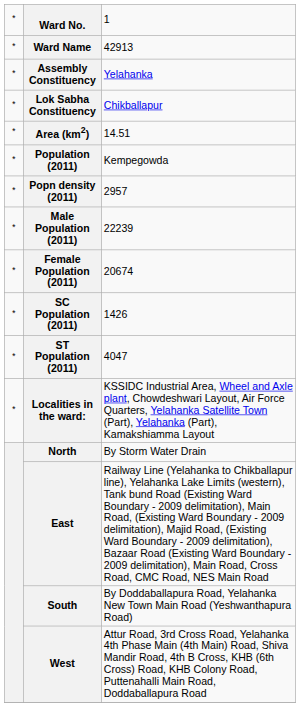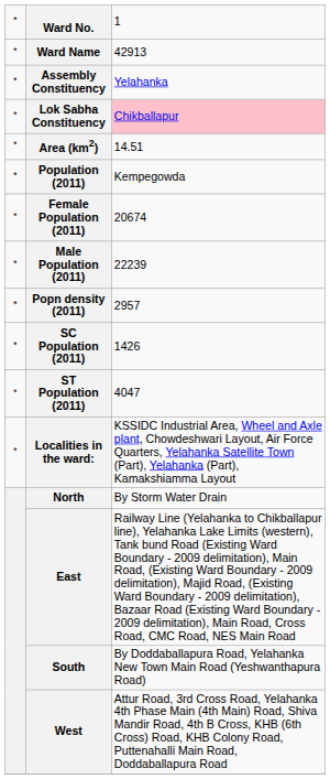 <table class="wikitable" style="width:50%">
 <tr>
 <td style="padding: 10px; font-family: monospace; font-size: 100%;">*</td>
 <th style="padding: 5px;"><br>Ward No.</th>
 <td>1</td>
 </tr>
 <tr>
 <td style="padding: 10px; font-family: monospace; font-size: 100%;">*</td>
 <th style="padding: 5px;">Ward Name</th>
 <td>42913</td>
 </tr>
 <tr>
 <td style="padding: 10px; font-family: monospace; font-size: 100%;">*</td>
 <th style="padding: 5px;">Assembly Constituency</th>
 <td><a href='#'>Yelahanka</a></td>
 </tr>
 <tr>
 <td style="padding: 10px; font-family: monospace; font-size: 100%;">*</td>
 <th style="padding: 5px;">Lok Sabha Constituency</th>
-<td><a href='#'>Chikballapur</a></td>
+<td style="background: pink;"><a href='#'>Chikballapur</a></td>
 </tr>
 <tr>
 <td style="padding: 10px; font-family: monospace; font-size: 100%;">*</td>
 <th style="padding: 5px;">Area (km<sup>2</sup>)</th>
 <td>14.51</td>
 </tr>
 <tr>
 <td style="padding: 10px; font-family: monospace; font-size: 100%;">*</td>
 <th style="padding: 5px;">Population (2011)</th>
 <td>Kempegowda</td>
 </tr>
 <tr>
 <td style="padding: 10px; font-family: monospace; font-size: 100%;">*</td>
-<th style="padding: 5px;">Popn density (2011)</th>
-<td>2957</td>
+<th style="padding: 5px;">Female Population (2011)</th>
+<td>20674</td>
 </tr>
 <tr>
 <td style="padding: 10px; font-family: monospace; font-size: 100%;">*</td>
 <th style="padding: 5px;">Male Population (2011)</th>
 <td>22239</td>
 </tr>
 <tr>
 <td style="padding: 10px; font-family: monospace; font-size: 100%;">*</td>
-<th style="padding: 5px;">Female Population (2011)</th>
-<td>20674</td>
+<th style="padding: 5px;">Popn density (2011)</th>
+<td>2957</td>
 </tr>
 <tr>
 <td style="padding: 10px; font-family: monospace; font-size: 100%;">*</td>
 <th style="padding: 5px;">SC Population (2011)</th>
 <td>1426</td>
 </tr>
 <tr>
 <td style="padding: 10px; font-family: monospace; font-size: 100%;">*</td>
 <th style="padding: 5px;">ST Population (2011)</th>
 <td>4047</td>
 </tr>
 <tr>
 <td style="padding: 10px; font-family: monospace; font-size: 100%;">*</td>
 <th style="padding: 5px;">Localities in the ward:</th>
 <td>KSSIDC Industrial Area, <a href='#'>Wheel and Axle plant</a>, Chowdeshwari Layout, Air Force Quarters, <a href='#'>Yelahanka Satellite Town</a> (Part), <a href='#'>Yelahanka</a> (Part), Kamakshiamma Layout</td>
 </tr>
 <tr>
 <th rowspan="4" style="padding: 2px; font-family: monospace; font-size: 120%;"></th>
 <th style="padding: 5px;">North</th>
 <td>By Storm Water Drain</td>
 </tr>
 <tr>
 <th style="padding: 5px;">East</th>
 <td>Railway Line (Yelahanka to Chikballapur line), Yelahanka Lake Limits (western), Tank bund Road (Existing Ward Boundary - 2009 delimitation), Main Road, (Existing Ward Boundary - 2009 delimitation), Majid Road, (Existing Ward Boundary - 2009 delimitation), Bazaar Road (Existing Ward Boundary - 2009 delimitation), Main Road, Cross Road, CMC Road, NES Main Road</td>
 </tr>
 <tr>
 <th style="padding: 5px;">South</th>
 <td>By Doddaballapura Road, Yelahanka New Town Main Road (Yeshwanthapura Road)</td>
 </tr>
 <tr>
 <th style="padding: 5px;">West</th>
 <td>Attur Road, 3rd Cross Road, Yelahanka 4th Phase Main (4th Main) Road, Shiva Mandir Road, 4th B Cross, KHB (6th Cross) Road, KHB Colony Road, Puttenahalli Main Road, Doddaballapura Road</td>
 </tr>
 <tr>
 </tr>
 </table>
